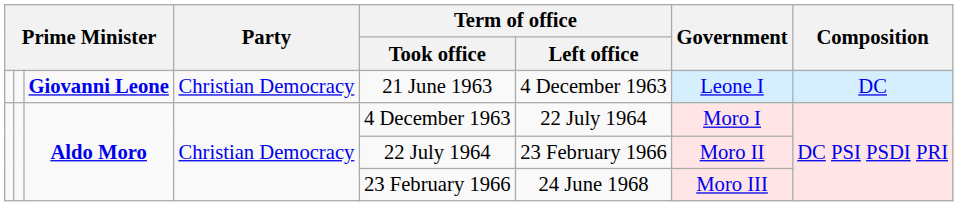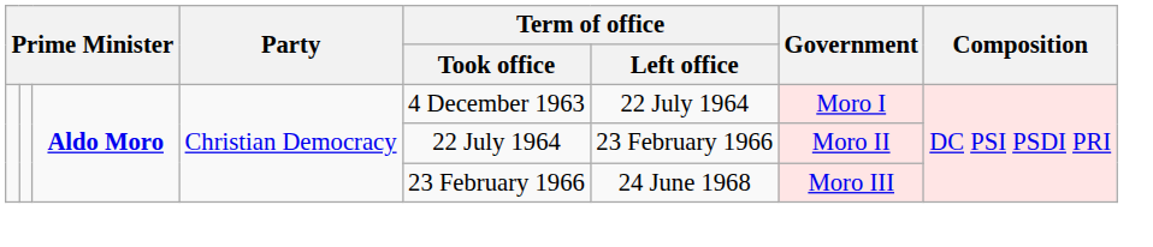 <table class="wikitable" style="text-align:center">
 <tr>
 <th colspan=3 rowspan=2>Prime Minister</th>
 <th rowspan=2>Party</th>
 <th colspan=2>Term of office</th>
 <th rowspan=2>Government</th>
 <th rowspan=2>Composition</th>
 </tr>
 <tr>
 <th>Took office</th>
 <th>Left office</th>
-</tr>
-<tr>
-<td style="background:"></td>
-<td></td>
-<td><strong><a href='#'>Giovanni Leone</a></strong><br></td>
-<td><a href='#'>Christian Democracy</a></td>
-<td>21 June 1963</td>
-<td>4 December 1963</td>
-<td bgcolor=#D5EFFF><a href='#'>Leone I</a></td>
-<td bgcolor=#D5EFFF><a href='#'>DC</a><br></td>
 </tr>
 <tr>
 <td rowspan=3 style="background:"></td>
 <td rowspan=3></td>
 <td rowspan=3><strong><a href='#'>Aldo Moro</a></strong><br></td>
 <td rowspan=3><a href='#'>Christian Democracy</a></td>
 <td>4 December 1963</td>
 <td>22 July 1964</td>
 <td bgcolor=#FFE5E5><a href='#'>Moro I</a></td>
 <td rowspan=3 bgcolor=#FFE5E5><a href='#'>DC</a>  <a href='#'>PSI</a>  <a href='#'>PSDI</a>  <a href='#'>PRI</a><br></td>
 </tr>
 <tr>
 <td>22 July 1964</td>
 <td>23 February 1966</td>
 <td bgcolor=#FFE5E5><a href='#'>Moro II</a></td>
 </tr>
 <tr>
 <td>23 February 1966</td>
 <td>24 June 1968</td>
 <td bgcolor=#FFE5E5><a href='#'>Moro III</a></td>
 </tr>
 </table>
